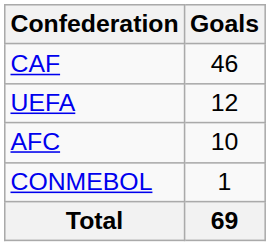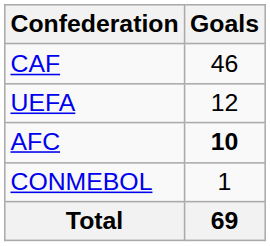 <table class="wikitable sortable" style="text-align:center">
 <tr>
 <th scope="col">Confederation</th>
 <th scope="col">Goals</th>
 </tr>
 <tr>
 <td style="text-align:left"><a href='#'>CAF</a></td>
 <td>46</td>
 </tr>
 <tr>
 <td style="text-align:left"><a href='#'>UEFA</a></td>
 <td>12</td>
 </tr>
 <tr>
 <td style="text-align:left"><a href='#'>AFC</a></td>
-<td>10</td>
+<td><strong>10</strong></td>
 </tr>
 <tr>
 <td style="text-align:left"><a href='#'>CONMEBOL</a></td>
 <td>1</td>
 </tr>
 <tr>
 <th>Total</th>
 <th>69</th>
 </tr>
 </table>
